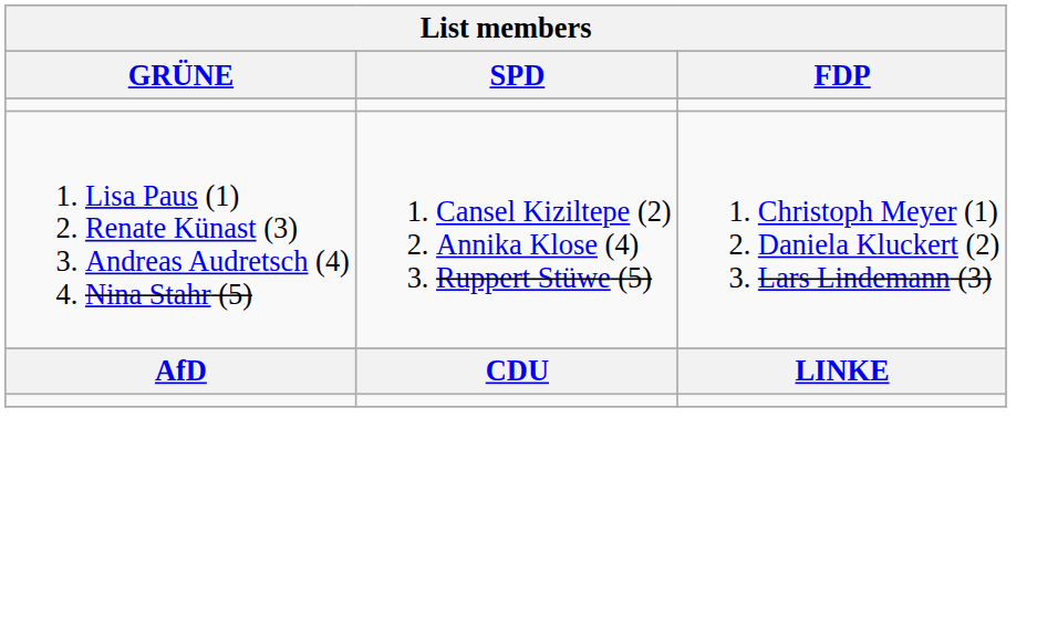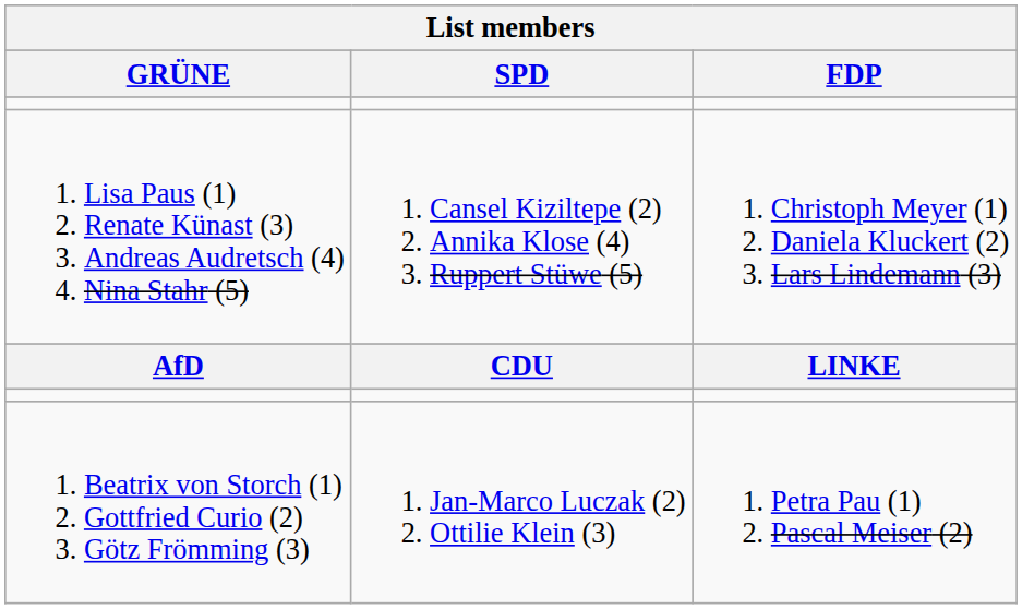 <table class=wikitable>
 <tr>
 <th colspan=3>List members</th>
 </tr>
 <tr>
 <th><a href='#'>GRÜNE</a></th>
 <th><a href='#'>SPD</a></th>
 <th><a href='#'>FDP</a></th>
 </tr>
 <tr>
 <td bgcolor=></td>
 <td bgcolor=></td>
 <td bgcolor=></td>
 </tr>
 <tr>
 <td><br><ol><li><a href='#'>Lisa Paus</a> (1)</li><li><a href='#'>Renate Künast</a> (3)</li><li><a href='#'>Andreas Audretsch</a> (4)</li><li><s><a href='#'>Nina Stahr</a> (5)<em></em></s></li></ol></td>
 <td><br><ol><li><a href='#'>Cansel Kiziltepe</a> (2)</li><li><a href='#'>Annika Klose</a> (4)</li><li><s><a href='#'>Ruppert Stüwe</a> (5)<em></em></s></li></ol></td>
 <td><br><ol><li><a href='#'>Christoph Meyer</a> (1)</li><li><a href='#'>Daniela Kluckert</a> (2)</li><li><s><a href='#'>Lars Lindemann</a> (3)</s><em></em></li></ol></td>
 </tr>
 <tr>
 <th><a href='#'>AfD</a></th>
 <th><a href='#'>CDU</a></th>
 <th><a href='#'>LINKE</a></th>
 </tr>
 <tr>
 <td bgcolor=></td>
 <td bgcolor=></td>
 <td bgcolor=></td>
 </tr>
+<tr>
+<td><br><ol><li><a href='#'>Beatrix von Storch</a> (1)</li><li><a href='#'>Gottfried Curio</a> (2)</li><li><a href='#'>Götz Frömming</a> (3)</li></ol></td>
+<td><br><ol><li><a href='#'>Jan-Marco Luczak</a> (2)</li><li><a href='#'>Ottilie Klein</a> (3)</li></ol></td>
+<td><br><ol><li><a href='#'>Petra Pau</a> (1)</li><li><s><a href='#'>Pascal Meiser</a> (2)</s><em></em></li></ol></td>
+</tr>
 </table>
